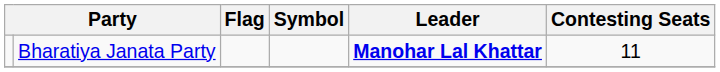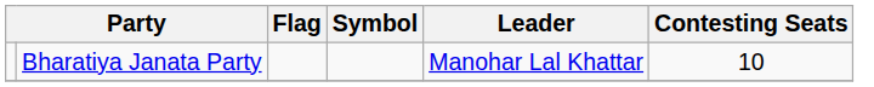 <table class="wikitable" style="text-align:center">
 <tr>
 <th colspan="2">Party</th>
 <th>Flag</th>
 <th>Symbol</th>
 <th>Leader</th>
 <th>Contesting Seats</th>
 </tr>
 <tr>
 <td></td>
 <td><a href='#'>Bharatiya Janata Party</a></td>
 <td></td>
 <td></td>
-<td><strong><a href='#'>Manohar Lal Khattar</a></strong></td>
-<td>11</td>
+<td><a href='#'>Manohar Lal Khattar</a></td>
+<td>10</td>
 </tr>
 <tr>
 </tr>
 </table>
